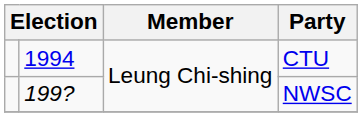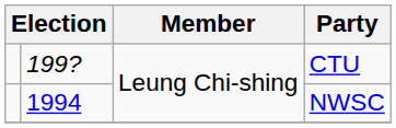 <table class="wikitable">
 <tr>
 <th colspan="2">Election</th>
 <th>Member</th>
 <th>Party</th>
 </tr>
 <tr>
 <td style="background-color: "></td>
-<td><a href='#'>1994</a></td>
+<td><em>199?</em></td>
 <td rowspan=2>Leung Chi-shing</td>
 <td><a href='#'>CTU</a></td>
 </tr>
 <tr>
 <td style="background-color: "></td>
-<td><em>199?</em></td>
+<td><a href='#'>1994</a></td>
 <td><a href='#'>NWSC</a></td>
 </tr>
 <tr>
 </tr>
 </table>
